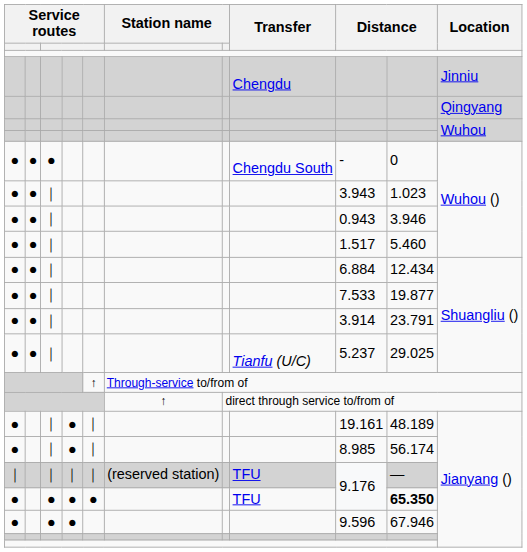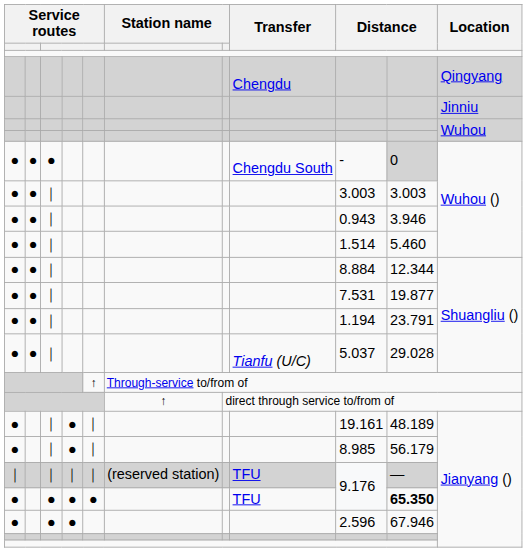 <table class="wikitable">
 <tr>
 <th colspan="5">Service<br>routes</th>
 <th colspan=2>Station name</th>
 <th rowspan=2>Transfer</th>
 <th colspan="2" rowspan="2">Distance<br></th>
 <th rowspan=2>Location</th>
 </tr>
 <tr>
 <th colspan="2"></th>
 <th colspan="3"></th>
 <th></th>
 <th></th>
 </tr>
 <tr style="background:#">
 <td colspan="12"></td>
 </tr>
 <tr bgcolor="lightgrey">
 <td align="center"></td>
 <td></td>
 <td></td>
 <td></td>
 <td align="center"></td>
 <td><em></em></td>
 <td></td>
 <td> <br> <a href='#'>Chengdu</a></td>
 <td></td>
 <td></td>
-<td><a href='#'>Jinniu</a></td>
+<td><a href='#'>Qingyang</a></td>
 </tr>
 <tr bgcolor="lightgrey">
 <td align="center"></td>
 <td></td>
 <td></td>
 <td></td>
 <td align="center"></td>
 <td><em></em></td>
 <td></td>
 <td>  </td>
 <td></td>
 <td></td>
-<td><a href='#'>Qingyang</a></td>
+<td><a href='#'>Jinniu</a></td>
 </tr>
 <tr bgcolor="lightgrey">
 <td align="center"></td>
 <td></td>
 <td></td>
 <td></td>
 <td align="center"></td>
 <td><em></em></td>
 <td></td>
 <td> </td>
 <td></td>
 <td></td>
 <td rowspan="2"><a href='#'>Wuhou</a></td>
 </tr>
 <tr bgcolor="lightgrey">
 <td align="center"></td>
 <td></td>
 <td></td>
 <td></td>
 <td align="center"></td>
 <td><em></em></td>
 <td></td>
 <td> </td>
 <td></td>
 <td></td>
 </tr>
 <tr>
 <td align="center">●</td>
 <td align="center">●</td>
 <td align="center">●</td>
 <td></td>
 <td></td>
 <td></td>
 <td></td>
 <td> <br>  <a href='#'>Chengdu South</a></td>
 <td>-</td>
-<td>0</td>
+<td style="background: lightgrey;">0</td>
 <td rowspan="4"><a href='#'>Wuhou</a> ()</td>
 </tr>
 <tr>
 <td align="center">●</td>
 <td align="center">●</td>
 <td align="center">｜</td>
 <td></td>
 <td></td>
 <td></td>
 <td></td>
 <td> </td>
-<td>3.943</td>
-<td>1.023</td>
+<td>3.003</td>
+<td>3.003</td>
 </tr>
 <tr>
 <td align="center">●</td>
 <td align="center">●</td>
 <td align="center">｜</td>
 <td></td>
 <td></td>
 <td></td>
 <td></td>
 <td></td>
 <td>0.943</td>
 <td>3.946</td>
 </tr>
 <tr>
 <td align="center">●</td>
 <td align="center">●</td>
 <td align="center">｜</td>
 <td></td>
 <td></td>
 <td></td>
 <td></td>
 <td></td>
-<td>1.517</td>
+<td>1.514</td>
 <td>5.460</td>
 </tr>
 <tr>
 <td align="center">●</td>
 <td align="center">●</td>
 <td align="center">｜</td>
 <td></td>
 <td></td>
 <td></td>
 <td></td>
 <td></td>
-<td>6.884</td>
-<td>12.434</td>
+<td>8.884</td>
+<td>12.344</td>
 <td rowspan="4"><a href='#'>Shuangliu</a> ()</td>
 </tr>
 <tr>
 <td align="center">●</td>
 <td align="center">●</td>
 <td align="center">｜</td>
 <td></td>
 <td></td>
 <td></td>
 <td></td>
 <td> </td>
-<td>7.533</td>
+<td>7.531</td>
 <td>19.877</td>
 </tr>
 <tr>
 <td align="center">●</td>
 <td align="center">●</td>
 <td align="center">｜</td>
 <td></td>
 <td></td>
 <td></td>
 <td></td>
 <td></td>
-<td>3.914</td>
+<td>1.194</td>
 <td>23.791</td>
 </tr>
 <tr>
 <td align="center">●</td>
 <td align="center">●</td>
 <td align="center">｜</td>
 <td align="center"></td>
 <td align="center"></td>
 <td></td>
 <td></td>
 <td><br> <em><a href='#'>Tianfu</a> (U/C)</em></td>
-<td>5.237</td>
-<td>29.025</td>
+<td>5.037</td>
+<td>29.028</td>
 </tr>
 <tr style="font-size:smaller">
 <td colspan="4" align="center" style="background:lightgrey"></td>
 <td align="center" style="background:#">↑</td>
 <td colspan="7"><a href='#'>Through-service</a> to/from  of </td>
 </tr>
 <tr style="font-size:smaller">
 <td colspan="5" align="center" style="background:lightgrey"></td>
 <td align="center" style="background:#">↑</td>
 <td colspan="6">direct through service to/from  of </td>
 </tr>
 <tr>
 <td align="center">●</td>
 <td></td>
 <td align="center">｜</td>
 <td align="center">●</td>
 <td align="center">｜</td>
 <td></td>
 <td></td>
 <td></td>
 <td>19.161</td>
 <td>48.189</td>
 <td rowspan="7"><a href='#'>Jianyang</a> ()</td>
 </tr>
 <tr>
 <td align="center">●</td>
 <td></td>
 <td align="center">｜</td>
 <td align="center">●</td>
 <td align="center">｜</td>
 <td></td>
 <td></td>
 <td></td>
 <td>8.985</td>
-<td>56.174</td>
+<td>56.179</td>
 </tr>
 <tr bgcolor="lightgrey">
 <td align="center">｜</td>
 <td></td>
 <td align="center">｜</td>
 <td align="center">｜</td>
 <td align="center">｜</td>
 <td><em></em> (reserved station)</td>
 <td></td>
 <td> <a href='#'>TFU</a></td>
 <td bgcolor=#F8F9FA rowspan="2">9.176</td>
 <td>—</td>
 </tr>
 <tr>
 <td align="center">●</td>
 <td></td>
 <td align="center">●</td>
 <td align="center">●</td>
 <td align="center">●</td>
 <td></td>
 <td></td>
 <td> <a href='#'>TFU</a></td>
 <td><strong>65.350</strong></td>
 </tr>
 <tr>
 <td align="center">●</td>
 <td></td>
 <td align="center">●</td>
 <td align="center">●</td>
 <td align="center"></td>
 <td></td>
 <td></td>
 <td></td>
-<td>9.596</td>
+<td>2.596</td>
 <td>67.946</td>
 </tr>
 <tr bgcolor="lightgrey">
 <td></td>
 <td></td>
 <td></td>
 <td></td>
 <td></td>
 <td><em></em></td>
 <td></td>
 <td></td>
 <td></td>
 <td></td>
 </tr>
 <tr style="background:#">
 <td colspan="12"></td>
 </tr>
 </table>
